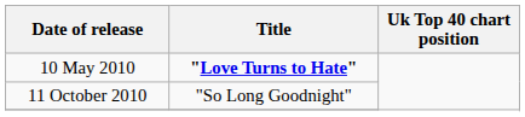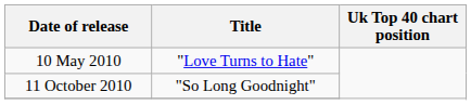 <table class="wikitable" style="text-align:center">
 <tr>
 <th width=140>Date of release</th>
 <th width=180>Title</th>
 <th width=120>Uk Top 40 chart position</th>
 </tr>
 <tr>
 <td>10 May 2010</td>
-<td><strong>"<a href='#'>Love Turns to Hate</a>"</strong></td>
+<td>"<a href='#'>Love Turns to Hate</a>"</td>
 </tr>
 <tr>
 <td>11 October 2010</td>
 <td>"So Long Goodnight"</td>
 </tr>
 <tr>
 </tr>
 </table>
